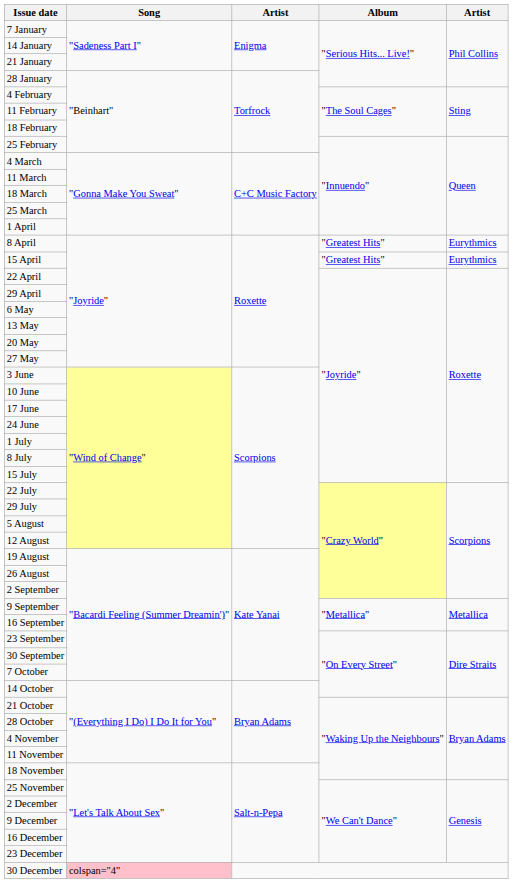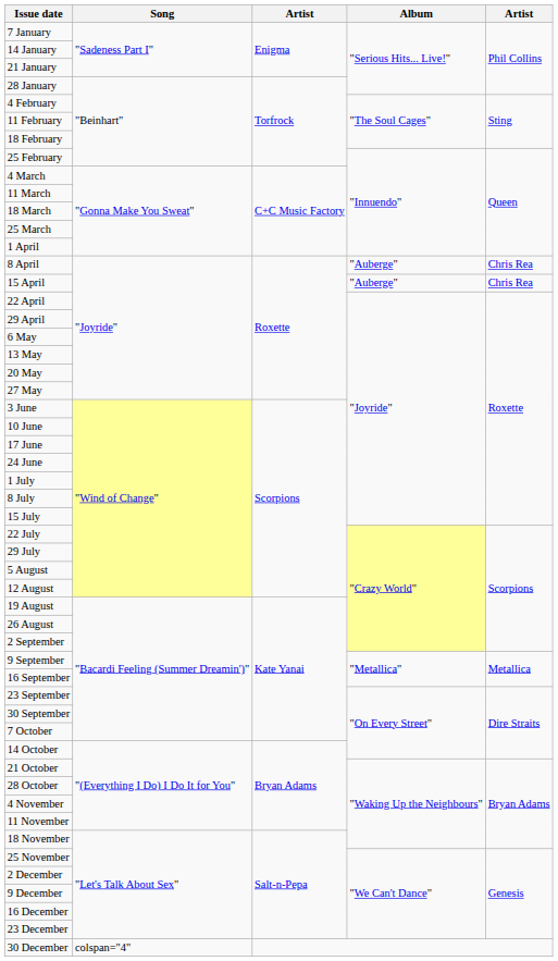 <table class="sortable wikitable">
 <tr>
 <th>Issue date</th>
 <th>Song</th>
 <th>Artist</th>
 <th>Album</th>
 <th>Artist</th>
 </tr>
 <tr>
 <td>7 January</td>
 <td rowspan="3">"<a href='#'>Sadeness Part I</a>"</td>
 <td rowspan="3"><a href='#'>Enigma</a></td>
 <td rowspan="4">"<a href='#'>Serious Hits... Live!</a>"</td>
 <td rowspan="4"><a href='#'>Phil Collins</a></td>
 </tr>
 <tr>
 <td>14 January</td>
 </tr>
 <tr>
 <td>21 January</td>
 </tr>
 <tr>
 <td>28 January</td>
 <td rowspan="5">"Beinhart"</td>
 <td rowspan="5"><a href='#'>Torfrock</a></td>
 </tr>
 <tr>
 <td>4 February</td>
 <td rowspan="3">"<a href='#'>The Soul Cages</a>"</td>
 <td rowspan="3"><a href='#'>Sting</a></td>
 </tr>
 <tr>
 <td>11 February</td>
 </tr>
 <tr>
 <td>18 February</td>
 </tr>
 <tr>
 <td>25 February</td>
 <td rowspan="6">"<a href='#'>Innuendo</a>"</td>
 <td rowspan="6"><a href='#'>Queen</a></td>
 </tr>
 <tr>
 <td>4 March</td>
 <td rowspan="5">"<a href='#'>Gonna Make You Sweat</a>"</td>
 <td rowspan="5"><a href='#'>C+C Music Factory</a></td>
 </tr>
 <tr>
 <td>11 March</td>
 </tr>
 <tr>
 <td>18 March</td>
 </tr>
 <tr>
 <td>25 March</td>
 </tr>
 <tr>
 <td>1 April</td>
 </tr>
 <tr>
 <td>8 April</td>
 <td rowspan="8">"<a href='#'>Joyride</a>"</td>
 <td rowspan="8"><a href='#'>Roxette</a></td>
-<td>"<a href='#'>Greatest Hits</a>"</td>
-<td><a href='#'>Eurythmics</a></td>
+<td>"<a href='#'>Auberge</a>"</td>
+<td><a href='#'>Chris Rea</a></td>
 </tr>
 <tr>
 <td>15 April</td>
-<td>"<a href='#'>Greatest Hits</a>"</td>
-<td><a href='#'>Eurythmics</a></td>
+<td>"<a href='#'>Auberge</a>"</td>
+<td><a href='#'>Chris Rea</a></td>
 </tr>
 <tr>
 <td>22 April</td>
 <td rowspan="13">"<a href='#'>Joyride</a>"</td>
 <td rowspan="13"><a href='#'>Roxette</a></td>
 </tr>
 <tr>
 <td>29 April</td>
 </tr>
 <tr>
 <td>6 May</td>
 </tr>
 <tr>
 <td>13 May</td>
 </tr>
 <tr>
 <td>20 May</td>
 </tr>
 <tr>
 <td>27 May</td>
 </tr>
 <tr>
 <td>3 June</td>
 <td bgcolor=#FFFF99  rowspan="11">"<a href='#'>Wind of Change</a>" </td>
 <td rowspan="11"><a href='#'>Scorpions</a></td>
 </tr>
 <tr>
 <td>10 June</td>
 </tr>
 <tr>
 <td>17 June</td>
 </tr>
 <tr>
 <td>24 June</td>
 </tr>
 <tr>
 <td>1 July</td>
 </tr>
 <tr>
 <td>8 July</td>
 </tr>
 <tr>
 <td>15 July</td>
 </tr>
 <tr>
 <td>22 July</td>
 <td bgcolor=#FFFF99  rowspan="7">"<a href='#'>Crazy World</a>" </td>
 <td rowspan="7"><a href='#'>Scorpions</a></td>
 </tr>
 <tr>
 <td>29 July</td>
 </tr>
 <tr>
 <td>5 August</td>
 </tr>
 <tr>
 <td>12 August</td>
 </tr>
 <tr>
 <td>19 August</td>
 <td rowspan="8">"<a href='#'>Bacardi Feeling (Summer Dreamin')</a>"</td>
 <td rowspan="8"><a href='#'>Kate Yanai</a></td>
 </tr>
 <tr>
 <td>26 August</td>
 </tr>
 <tr>
 <td>2 September</td>
 </tr>
 <tr>
 <td>9 September</td>
 <td rowspan="2">"<a href='#'>Metallica</a>"</td>
 <td rowspan="2"><a href='#'>Metallica</a></td>
 </tr>
 <tr>
 <td>16 September</td>
 </tr>
 <tr>
 <td>23 September</td>
 <td rowspan="4">"<a href='#'>On Every Street</a>"</td>
 <td rowspan="4"><a href='#'>Dire Straits</a></td>
 </tr>
 <tr>
 <td>30 September</td>
 </tr>
 <tr>
 <td>7 October</td>
 </tr>
 <tr>
 <td>14 October</td>
 <td rowspan="5">"<a href='#'>(Everything I Do) I Do It for You</a>"</td>
 <td rowspan="5"><a href='#'>Bryan Adams</a></td>
 </tr>
 <tr>
 <td>21 October</td>
 <td rowspan="5">"<a href='#'>Waking Up the Neighbours</a>"</td>
 <td rowspan="5"><a href='#'>Bryan Adams</a></td>
 </tr>
 <tr>
 <td>28 October</td>
 </tr>
 <tr>
 <td>4 November</td>
 </tr>
 <tr>
 <td>11 November</td>
 </tr>
 <tr>
 <td>18 November</td>
 <td rowspan="6">"<a href='#'>Let's Talk About Sex</a>"</td>
 <td rowspan="6"><a href='#'>Salt-n-Pepa</a></td>
 </tr>
 <tr>
 <td>25 November</td>
 <td rowspan="5">"<a href='#'>We Can't Dance</a>"</td>
 <td rowspan="5"><a href='#'>Genesis</a></td>
 </tr>
 <tr>
 <td>2 December</td>
 </tr>
 <tr>
 <td>9 December</td>
 </tr>
 <tr>
 <td>16 December</td>
 </tr>
 <tr>
 <td>23 December</td>
 </tr>
 <tr>
 <td>30 December</td>
-<td style="background: pink;">colspan="4" </td>
+<td>colspan="4" </td>
 </tr>
 </table>
